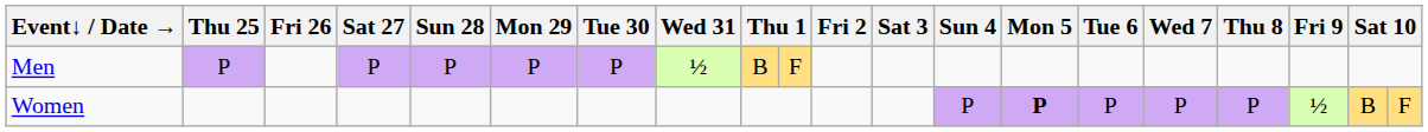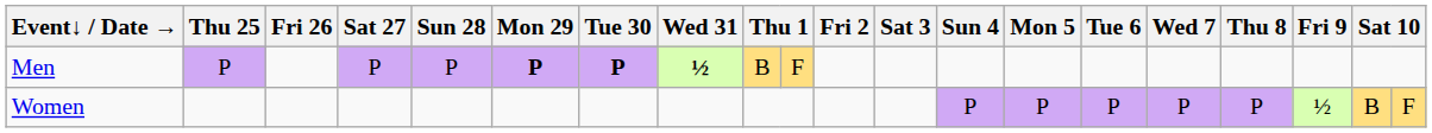 <table class="wikitable" style="text-align:center; margin:0.5em auto; font-size:90%; line-height:1.25em;">
 <tr>
 <th>Event↓ / Date →</th>
 <th>Thu 25</th>
 <th>Fri 26</th>
 <th>Sat 27</th>
 <th>Sun 28</th>
 <th>Mon 29</th>
 <th>Tue 30</th>
 <th>Wed 31</th>
 <th colspan=2>Thu 1</th>
 <th>Fri 2</th>
 <th>Sat 3</th>
 <th>Sun 4</th>
 <th>Mon 5</th>
 <th>Tue 6</th>
 <th>Wed 7</th>
 <th>Thu 8</th>
 <th>Fri 9</th>
 <th colspan=2>Sat 10</th>
 </tr>
 <tr>
 <td style="text-align:left;"><a href='#'>Men</a></td>
 <td style="background-color:#D0A9F5;">P</td>
 <td></td>
 <td style="background-color:#D0A9F5;">P</td>
 <td style="background-color:#D0A9F5;">P</td>
-<td style="background-color:#D0A9F5;">P</td>
-<td style="background-color:#D0A9F5;">P</td>
-<td style="background-color:#D9FFB2;">½</td>
+<td style="background-color:#D0A9F5;"><strong>P</strong></td>
+<td style="background-color:#D0A9F5;"><strong>P</strong></td>
+<td style="background-color:#D9FFB2;"><strong>½</strong></td>
 <td style="background-color:#FFDF80;">B</td>
 <td style="background-color:#FFDF80;">F</td>
 <td></td>
 <td></td>
 <td></td>
 <td></td>
 <td></td>
 <td></td>
 <td></td>
 <td></td>
 <td colspan=2></td>
 </tr>
 <tr>
 <td style="text-align:left;"><a href='#'>Women</a></td>
 <td></td>
 <td></td>
 <td></td>
 <td></td>
 <td></td>
 <td></td>
 <td></td>
 <td colspan=2></td>
 <td></td>
 <td></td>
 <td style="background-color:#D0A9F5;">P</td>
-<td style="background-color:#D0A9F5;"><strong>P</strong></td>
+<td style="background-color:#D0A9F5;">P</td>
 <td style="background-color:#D0A9F5;">P</td>
 <td style="background-color:#D0A9F5;">P</td>
 <td style="background-color:#D0A9F5;">P</td>
 <td style="background-color:#D9FFB2;">½</td>
 <td style="background-color:#FFDF80;">B</td>
 <td style="background-color:#FFDF80;">F</td>
 </tr>
 </table>
